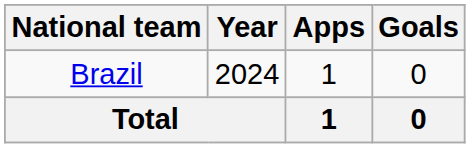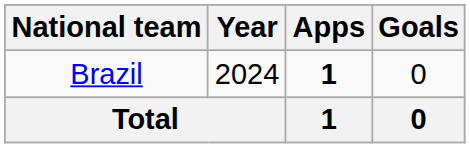 <table class="wikitable" style="text-align:center">
 <tr>
 <th>National team</th>
 <th>Year</th>
 <th>Apps</th>
 <th>Goals</th>
 </tr>
 <tr>
 <td><a href='#'>Brazil</a></td>
 <td>2024</td>
-<td>1</td>
+<td><strong>1</strong></td>
 <td>0</td>
 </tr>
 <tr>
 <th colspan="2">Total</th>
 <th>1</th>
 <th>0</th>
 </tr>
 </table>
